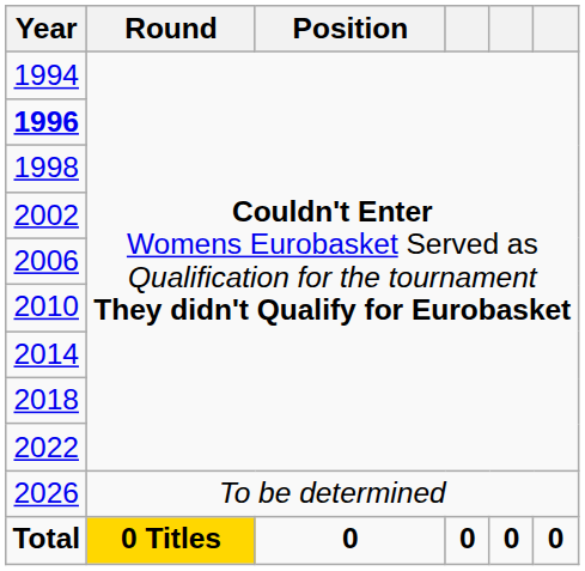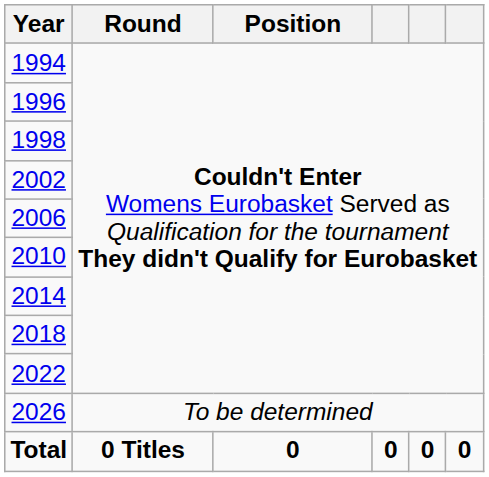 <table class="wikitable" style="text-align: center;">
 <tr>
 <th>Year</th>
 <th>Round</th>
 <th>Position</th>
 <th></th>
 <th></th>
 <th></th>
 </tr>
 <tr>
 <td> <a href='#'>1994</a></td>
 <td colspan="5" rowspan="9"><strong>Couldn't Enter</strong><br> <a href='#'>Womens Eurobasket</a> Served as <br> <em>Qualification for the tournament</em> <br> <strong>They didn't Qualify for Eurobasket</strong></td>
 </tr>
 <tr>
-<td><strong> <a href='#'>1996</a></strong></td>
+<td> <a href='#'>1996</a></td>
 </tr>
 <tr>
 <td> <a href='#'>1998</a></td>
 </tr>
 <tr>
 <td> <a href='#'>2002</a></td>
 </tr>
 <tr>
 <td> <a href='#'>2006</a></td>
 </tr>
 <tr>
 <td> <a href='#'>2010</a></td>
 </tr>
 <tr>
 <td> <a href='#'>2014</a></td>
 </tr>
 <tr>
 <td> <a href='#'>2018</a></td>
 </tr>
 <tr>
 <td> <a href='#'>2022</a></td>
 </tr>
 <tr>
 <td> <a href='#'>2026</a></td>
 <td colspan="5"><em>To be determined</em></td>
 </tr>
 <tr>
 <td colspan=1><strong>Total</strong></td>
-<td style="background: gold;"><strong>0 Titles</strong></td>
+<td><strong>0 Titles</strong></td>
 <td><strong>0</strong></td>
 <td><strong>0</strong></td>
 <td><strong>0</strong></td>
 <td><strong>0</strong></td>
 </tr>
 </table>
